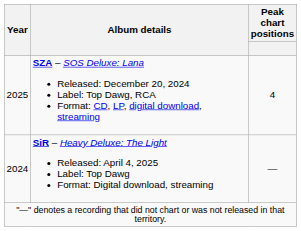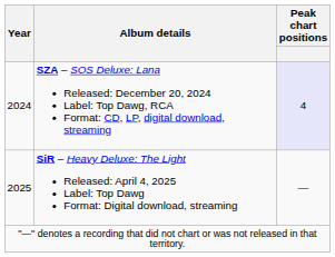 <table class="wikitable">
 <tr>
 <th rowspan="2" style="width:20px;">Year</th>
 <th rowspan="2" style="width:350px;">Album details</th>
 <th>Peak chart positions</th>
 </tr>
 <tr>
 <th scope="col" style="width:3em;font-size:90%;"><a href='#'></a><br></th>
 </tr>
 <tr>
-<td style="text-align:center;" rowspan="1">2025</td>
+<td style="text-align:center;" rowspan="1">2024</td>
 <td><strong><a href='#'>SZA</a></strong> – <em><a href='#'>SOS Deluxe: Lana</a></em><br><ul><li>Released: December 20, 2024</li><li>Label: Top Dawg, RCA</li><li>Format: <a href='#'>CD</a>, <a href='#'>LP</a>, <a href='#'>digital download</a>, <a href='#'>streaming</a></li></ul></td>
-<td style="text-align:center;">4</td>
+<td style="background: lavender; text-align:center;">4</td>
 </tr>
 <tr>
-<td style="text-align:center;" rowspan="1">2024</td>
+<td style="text-align:center;" rowspan="1">2025</td>
 <td><strong><a href='#'>SiR</a></strong> – <em><a href='#'>Heavy Deluxe: The Light</a></em><br><ul><li>Released: April 4, 2025</li><li>Label: Top Dawg</li><li>Format: Digital download, streaming</li></ul></td>
 <td style="text-align:center;">—</td>
 </tr>
 <tr>
 <td colspan="3" style="font-size:90%" align="center">"—" denotes a recording that did not chart or was not released in that territory.</td>
 </tr>
 </table>
